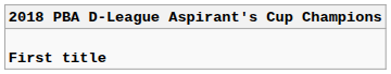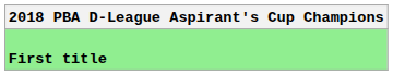 <table class="wikitable" "text-align:center" "margin-left: auto; margin-right: auto; border: none;">
 <tr>
 <th>2018 PBA D-League Aspirant's Cup Champions</th>
 </tr>
 <tr>
-<td><strong></strong><br> <strong>First title</strong></td>
+<td style="background: lightgreen;"><strong></strong><br> <strong>First title</strong></td>
 </tr>
 </table>
